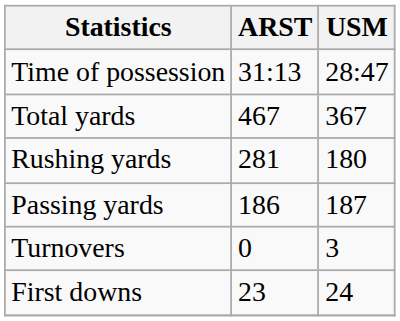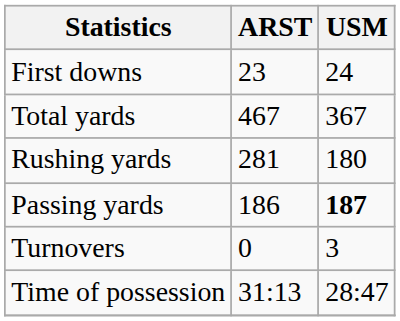 <table class="wikitable" style="float: left;">
 <tr>
 <th>Statistics</th>
 <th>ARST</th>
 <th>USM</th>
 </tr>
 <tr>
-<td>Time of possession</td>
-<td>31:13</td>
-<td>28:47</td>
+<td>First downs</td>
+<td>23</td>
+<td>24</td>
 </tr>
 <tr>
 <td>Total yards</td>
 <td>467</td>
 <td>367</td>
 </tr>
 <tr>
 <td>Rushing yards</td>
 <td>281</td>
 <td>180</td>
 </tr>
 <tr>
 <td>Passing yards</td>
 <td>186</td>
-<td>187</td>
+<td><strong>187</strong></td>
 </tr>
 <tr>
 <td>Turnovers</td>
 <td>0</td>
 <td>3</td>
 </tr>
 <tr>
-<td>First downs</td>
-<td>23</td>
-<td>24</td>
+<td>Time of possession</td>
+<td>31:13</td>
+<td>28:47</td>
 </tr>
 <tr>
 </tr>
 </table>
